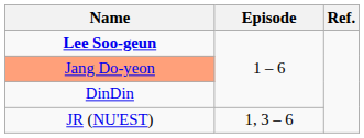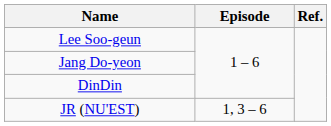 <table class="wikitable" style="text-align:center">
 <tr>
 <th style="width:200px">Name</th>
 <th style="width:100px">Episode</th>
 <th style="width:25px">Ref.</th>
 </tr>
 <tr>
-<td><strong><a href='#'>Lee Soo-geun</a></strong></td>
+<td><a href='#'>Lee Soo-geun</a></td>
 <td rowspan="3">1 – 6</td>
 <td rowspan="4"></td>
 </tr>
 <tr>
-<td style="background: lightsalmon;"><a href='#'>Jang Do-yeon</a></td>
+<td><a href='#'>Jang Do-yeon</a></td>
 </tr>
 <tr>
 <td><a href='#'>DinDin</a></td>
 </tr>
 <tr>
 <td><a href='#'>JR</a> (<a href='#'>NU'EST</a>)</td>
 <td rowspan="3">1, 3 – 6</td>
 </tr>
 </table>
